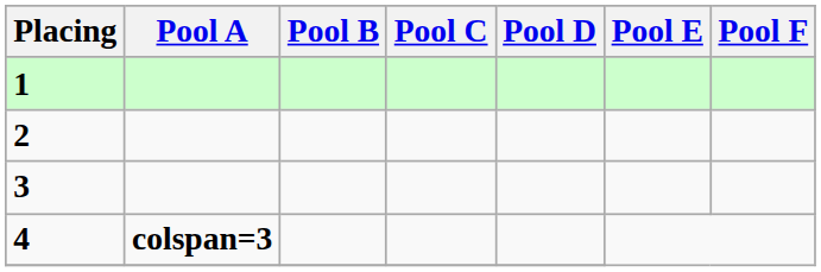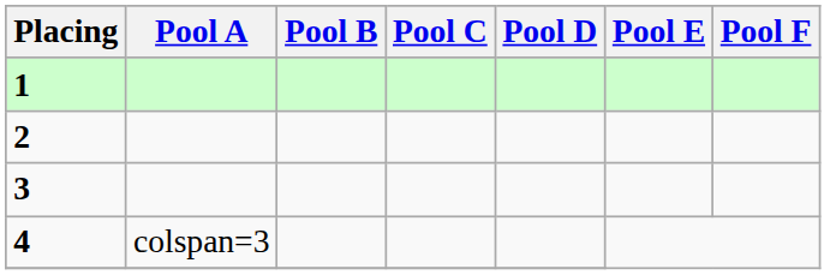 <table class=wikitable style="border:1px solid #AAAAAA;">
 <tr>
 <th>Placing</th>
 <th><a href='#'>Pool A</a></th>
 <th><a href='#'>Pool B</a></th>
 <th><a href='#'>Pool C</a></th>
 <th><a href='#'>Pool D</a></th>
 <th><a href='#'>Pool E</a></th>
 <th><a href='#'>Pool F</a></th>
 </tr>
 <tr style="background: #ccffcc;">
 <td><strong>1</strong></td>
 <td></td>
 <td></td>
 <td></td>
 <td></td>
 <td></td>
 <td></td>
 </tr>
 <tr>
 <td><strong>2</strong></td>
 <td></td>
 <td></td>
 <td></td>
 <td></td>
 <td></td>
 <td></td>
 </tr>
 <tr>
 <td><strong>3</strong></td>
 <td></td>
 <td></td>
 <td></td>
 <td></td>
 <td></td>
 <td></td>
 </tr>
 <tr>
 <td><strong>4</strong></td>
-<td><strong>colspan=3 </strong></td>
+<td>colspan=3 </td>
 <td></td>
 <td></td>
 <td></td>
 </tr>
 <tr>
 </tr>
 </table>
